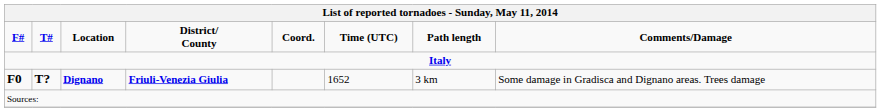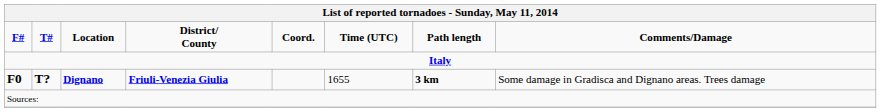 <table class="wikitable collapsible" width="100%">
 <tr>
 <th colspan="8">List of reported tornadoes - Sunday, May 11, 2014</th>
 </tr>
 <tr>
 <td style="text-align: center;"><strong><a href='#'>F#</a></strong></td>
 <td style="text-align: center;"><strong><a href='#'>T#</a></strong></td>
 <td style="text-align: center;"><strong>Location</strong></td>
 <td style="text-align: center;"><strong>District/<br>County</strong></td>
 <td style="text-align: center;"><strong>Coord.</strong></td>
 <td style="text-align: center;"><strong>Time (UTC)</strong></td>
 <td style="text-align: center;"><strong>Path length</strong></td>
 <td style="text-align: center;"><strong>Comments/Damage</strong></td>
 </tr>
 <tr>
 <td colspan="8" align=center><strong><a href='#'>Italy</a></strong></td>
 </tr>
 <tr>
 <td><big><strong>F0</strong></big></td>
 <td><big><strong>T?</strong></big></td>
 <td><strong><a href='#'>Dignano</a></strong></td>
 <td><strong><a href='#'>Friuli-Venezia Giulia</a></strong></td>
 <td></td>
-<td>1652</td>
-<td>3 km</td>
+<td>1655</td>
+<td><strong>3 km</strong></td>
 <td>Some damage in Gradisca and Dignano areas. Trees damage</td>
 </tr>
 <tr>
 <td colspan="8"><small>Sources:</small></td>
 </tr>
 <tr>
 </tr>
 </table>
